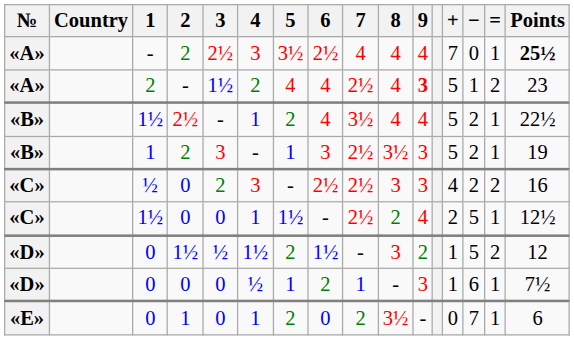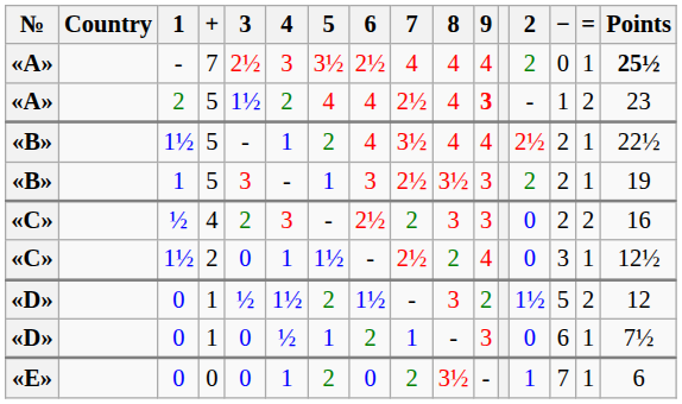 <table class="wikitable" style="text-align:center">
 <tr>
 <th>№</th>
 <th>Country</th>
 <th>1</th>
-<th>2</th>
+<th>+</th>
 <th>3</th>
 <th>4</th>
 <th>5</th>
 <th>6</th>
 <th>7</th>
 <th>8</th>
 <th>9</th>
 <th></th>
-<th>+</th>
+<th>2</th>
 <th>−</th>
 <th>=</th>
 <th>Points</th>
 </tr>
 <tr>
 <th>«A»</th>
 <td style="text-align: left"></td>
 <td>-</td>
-<td style="color:green;">2</td>
+<td>7</td>
 <td style="color:red;">2½</td>
 <td style="color:red;">3</td>
 <td style="color:red;">3½</td>
 <td style="color:red;">2½</td>
 <td style="color:red;">4</td>
 <td style="color:red;">4</td>
 <td style="color:red;">4</td>
 <th></th>
-<td>7</td>
+<td style="color:green;">2</td>
 <td>0</td>
 <td>1</td>
 <td><strong>25½</strong></td>
 </tr>
 <tr>
 <th>«A»</th>
 <td style="text-align: left"></td>
 <td style="color:green;">2</td>
-<td>-</td>
+<td>5</td>
 <td style="color:blue;">1½</td>
 <td style="color:green;">2</td>
 <td style="color:red;">4</td>
 <td style="color:red;">4</td>
 <td style="color:red;">2½</td>
 <td style="color:red;">4</td>
 <td style="color:red;"><strong>3</strong></td>
 <th></th>
-<td>5</td>
+<td>-</td>
 <td>1</td>
 <td>2</td>
 <td>23</td>
 </tr>
 <tr style="border-top:2px solid grey;">
 <th>«B»</th>
 <td style="text-align: left"></td>
 <td style="color:blue;">1½</td>
-<td style="color:red;">2½</td>
+<td>5</td>
 <td>-</td>
 <td style="color:blue;">1</td>
 <td style="color:green;">2</td>
 <td style="color:red;">4</td>
 <td style="color:red;">3½</td>
 <td style="color:red;">4</td>
 <td style="color:red;">4</td>
 <th></th>
-<td>5</td>
+<td style="color:red;">2½</td>
 <td>2</td>
 <td>1</td>
 <td>22½</td>
 </tr>
 <tr>
 <th>«B»</th>
 <td style="text-align: left"></td>
 <td style="color:blue;">1</td>
-<td style="color:green;">2</td>
+<td>5</td>
 <td style="color:red;">3</td>
 <td>-</td>
 <td style="color:blue;">1</td>
 <td style="color:red;">3</td>
 <td style="color:red;">2½</td>
 <td style="color:red;">3½</td>
 <td style="color:red;">3</td>
 <th></th>
-<td>5</td>
+<td style="color:green;">2</td>
 <td>2</td>
 <td>1</td>
 <td>19</td>
 </tr>
 <tr style="border-top:2px solid grey;">
 <th>«C»</th>
 <td style="text-align: left"></td>
 <td style="color:blue;">½</td>
-<td style="color:blue;">0</td>
+<td>4</td>
 <td style="color:green;">2</td>
 <td style="color:red;">3</td>
 <td>-</td>
 <td style="color:red;">2½</td>
-<td style="color:red;">2½</td>
+<td style="color:green;">2</td>
 <td style="color:red;">3</td>
 <td style="color:red;">3</td>
 <th></th>
-<td>4</td>
+<td style="color:blue;">0</td>
 <td>2</td>
 <td>2</td>
 <td>16</td>
 </tr>
 <tr>
 <th>«C»</th>
 <td style="text-align: left"></td>
 <td style="color:blue;">1½</td>
-<td style="color:blue;">0</td>
+<td>2</td>
 <td style="color:blue;">0</td>
 <td style="color:blue;">1</td>
 <td style="color:blue;">1½</td>
 <td>-</td>
 <td style="color:red;">2½</td>
 <td style="color:green;">2</td>
 <td style="color:red;">4</td>
 <th></th>
-<td>2</td>
-<td>5</td>
+<td style="color:blue;">0</td>
+<td>3</td>
 <td>1</td>
 <td>12½</td>
 </tr>
 <tr style="border-top:2px solid grey;">
 <th>«D»</th>
 <td style="text-align: left"></td>
 <td style="color:blue;">0</td>
-<td style="color:blue;">1½</td>
+<td>1</td>
 <td style="color:blue;">½</td>
 <td style="color:blue;">1½</td>
 <td style="color:green;">2</td>
 <td style="color:blue;">1½</td>
 <td>-</td>
 <td style="color:red;">3</td>
 <td style="color:green;">2</td>
 <th></th>
-<td>1</td>
+<td style="color:blue;">1½</td>
 <td>5</td>
 <td>2</td>
 <td>12</td>
 </tr>
 <tr>
 <th>«D»</th>
 <td style="text-align: left"></td>
 <td style="color:blue;">0</td>
-<td style="color:blue;">0</td>
+<td>1</td>
 <td style="color:blue;">0</td>
 <td style="color:blue;">½</td>
 <td style="color:blue;">1</td>
 <td style="color:green;">2</td>
 <td style="color:blue;">1</td>
 <td>-</td>
 <td style="color:red;">3</td>
 <th></th>
-<td>1</td>
+<td style="color:blue;">0</td>
 <td>6</td>
 <td>1</td>
 <td>7½</td>
 </tr>
 <tr style="border-top:2px solid grey;">
 <th>«E»</th>
 <td style="text-align: left"></td>
 <td style="color:blue;">0</td>
-<td style="color:blue;">1</td>
+<td>0</td>
 <td style="color:blue;">0</td>
 <td style="color:blue;">1</td>
 <td style="color:green;">2</td>
 <td style="color:blue;">0</td>
 <td style="color:green;">2</td>
 <td style="color:red;">3½</td>
 <td>-</td>
 <th></th>
-<td>0</td>
+<td style="color:blue;">1</td>
 <td>7</td>
 <td>1</td>
 <td>6</td>
 </tr>
 </table>
